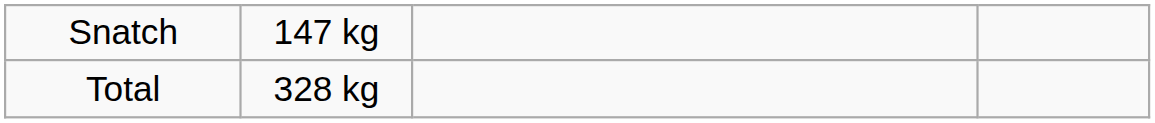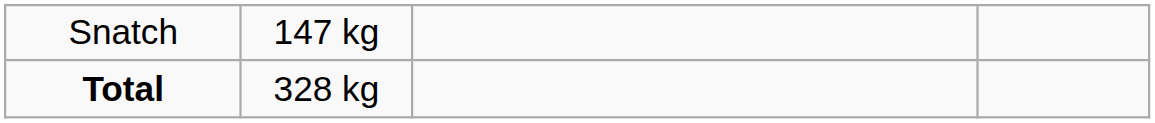 <table class = "wikitable" style="text-align:center;">
 <tr>
 <td width=100>Snatch</td>
 <td width=70>147 kg</td>
 <td width=250 align=left></td>
 <td width=70></td>
 </tr>
 <tr>
-<td>Total</td>
+<td><strong>Total</strong></td>
 <td>328 kg</td>
 <td align=left></td>
 <td></td>
 </tr>
 </table>
